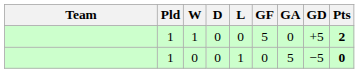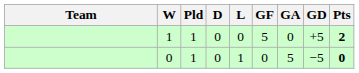 <table class="wikitable" style="text-align: center;">
 <tr>
 <th width=175>Team</th>
+<th width=20>W</th>
 <th width=20>Pld</th>
-<th width=20>W</th>
 <th width=20>D</th>
 <th width=20>L</th>
 <th width=20>GF</th>
 <th width=20>GA</th>
 <th width=20>GD</th>
 <th width=20>Pts</th>
 </tr>
 <tr bgcolor=ccffcc>
 <td style="text-align:left;"></td>
 <td>1</td>
 <td>1</td>
 <td>0</td>
 <td>0</td>
 <td>5</td>
 <td>0</td>
 <td>+5</td>
 <td><strong>2</strong></td>
 </tr>
 <tr bgcolor=ccffcc>
 <td style="text-align:left;"></td>
+<td>0</td>
 <td>1</td>
-<td>0</td>
 <td>0</td>
 <td>1</td>
 <td>0</td>
 <td>5</td>
 <td>−5</td>
 <td><strong>0</strong></td>
 </tr>
 </table>
